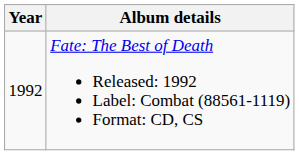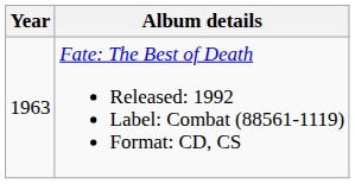 <table class="wikitable">
 <tr>
 <th>Year</th>
 <th>Album details</th>
 </tr>
 <tr>
-<td>1992</td>
+<td>1963</td>
 <td style="text-align:left;"><em><a href='#'>Fate: The Best of Death</a></em><br><ul><li>Released: 1992</li><li>Label: Combat (88561-1119)</li><li>Format: CD, CS</li></ul></td>
 </tr>
 </table>
